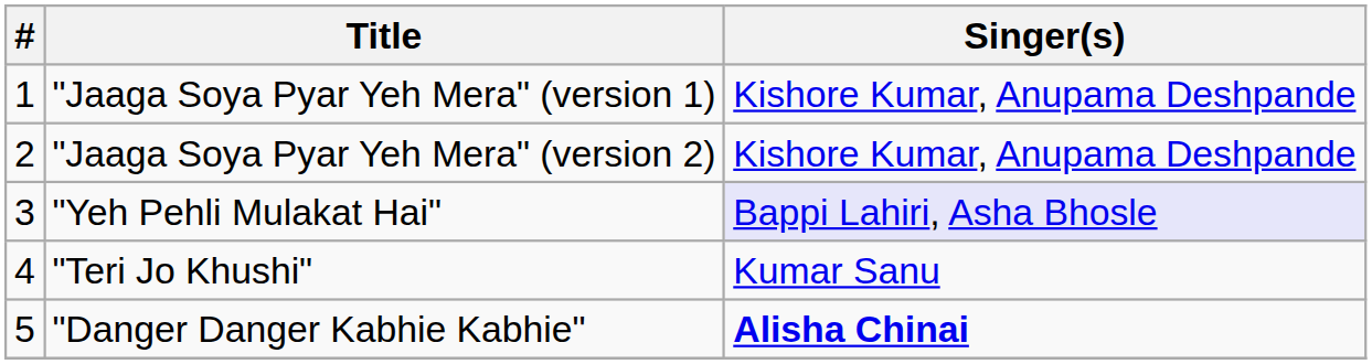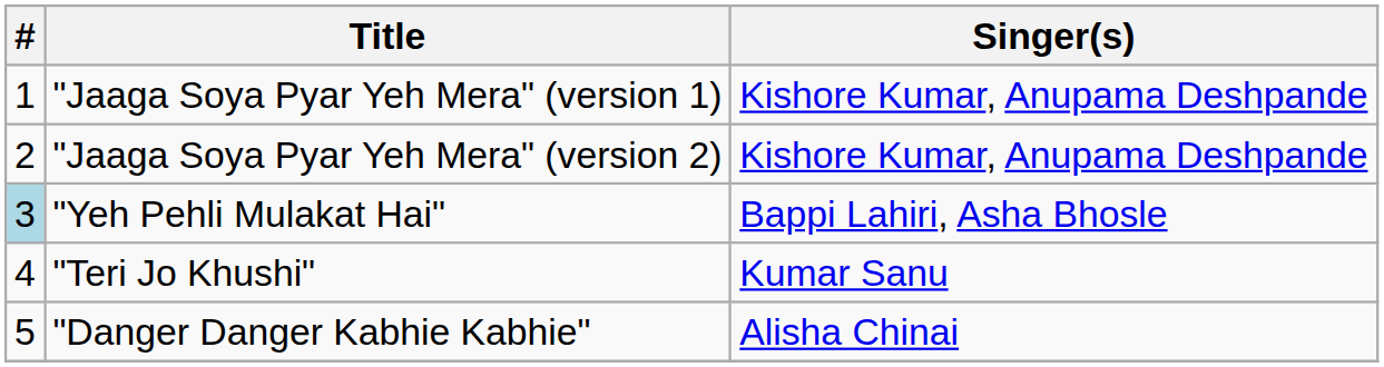 <table class="wikitable" style="font-size:95%;">
 <tr>
 <th>#</th>
 <th>Title</th>
 <th>Singer(s)</th>
 </tr>
 <tr>
 <td>1</td>
 <td>"Jaaga Soya Pyar Yeh Mera" (version 1)</td>
 <td><a href='#'>Kishore Kumar</a>, <a href='#'>Anupama Deshpande</a></td>
 </tr>
 <tr>
 <td>2</td>
 <td>"Jaaga Soya Pyar Yeh Mera" (version 2)</td>
 <td><a href='#'>Kishore Kumar</a>, <a href='#'>Anupama Deshpande</a></td>
 </tr>
 <tr>
-<td>3</td>
+<td style="background: lightblue;">3</td>
 <td>"Yeh Pehli Mulakat Hai"</td>
-<td style="background: lavender;"><a href='#'>Bappi Lahiri</a>, <a href='#'>Asha Bhosle</a></td>
+<td><a href='#'>Bappi Lahiri</a>, <a href='#'>Asha Bhosle</a></td>
 </tr>
 <tr>
 <td>4</td>
 <td>"Teri Jo Khushi"</td>
 <td><a href='#'>Kumar Sanu</a></td>
 </tr>
 <tr>
 <td>5</td>
 <td>"Danger Danger Kabhie Kabhie"</td>
-<td><strong><a href='#'>Alisha Chinai</a></strong></td>
+<td><a href='#'>Alisha Chinai</a></td>
 </tr>
 <tr>
 </tr>
 </table>
